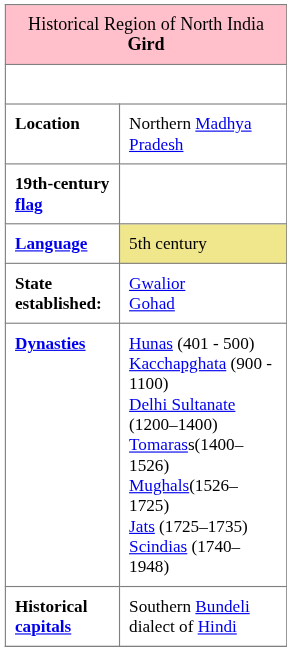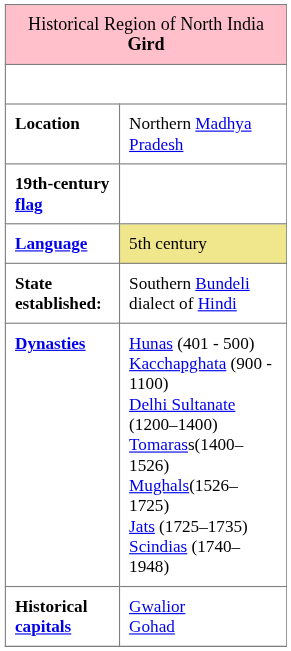 <table class="toccolours" border="1" cellpadding="8" cellspacing="2" style="float: right; margin: 0 0 1em 1em; width: 250px; border-collapse: collapse; font-size: 95%;">
 <tr>
 <td colspan="2" style="margin-left: inherit; background:#FFC0CB; text-align:center; font-size: medium;">Historical Region of North India<br><strong>Gird</strong></td>
 </tr>
 <tr align="center">
 <td colspan="2"><br></td>
 </tr>
 <tr style="vertical-align: top;">
 <td><strong>Location</strong></td>
 <td>Northern <a href='#'>Madhya Pradesh</a></td>
 </tr>
 <tr style="vertical-align: top;">
 <td><strong>19th-century <a href='#'>flag</a></strong></td>
 <td> </td>
 </tr>
 <tr style="vertical-align: top;">
 <td><strong><a href='#'>Language</a></strong></td>
 <td style="background: khaki;">5th century</td>
 </tr>
 <tr style="vertical-align: top;">
 <td><strong>State established:</strong></td>
-<td><a href='#'>Gwalior</a><br><a href='#'>Gohad</a></td>
+<td>Southern <a href='#'>Bundeli</a> dialect of <a href='#'>Hindi</a></td>
 </tr>
 <tr style="vertical-align: top;">
 <td><strong><a href='#'>Dynasties</a></strong></td>
 <td><a href='#'>Hunas</a> (401 - 500)<br><a href='#'>Kacchapghata</a> (900 - 1100)<br><a href='#'>Delhi Sultanate</a> (1200–1400)<br><a href='#'>Tomaras</a>s(1400–1526) <a href='#'>Mughals</a>(1526–1725)<br><a href='#'>Jats</a> (1725–1735)<br><a href='#'>Scindias</a> (1740–1948)</td>
 </tr>
 <tr style="vertical-align: top;">
 <td><strong>Historical <a href='#'>capitals</a></strong></td>
-<td>Southern <a href='#'>Bundeli</a> dialect of <a href='#'>Hindi</a></td>
+<td><a href='#'>Gwalior</a><br><a href='#'>Gohad</a></td>
 </tr>
 <tr style="vertical-align: top;">
 </tr>
 </table>
